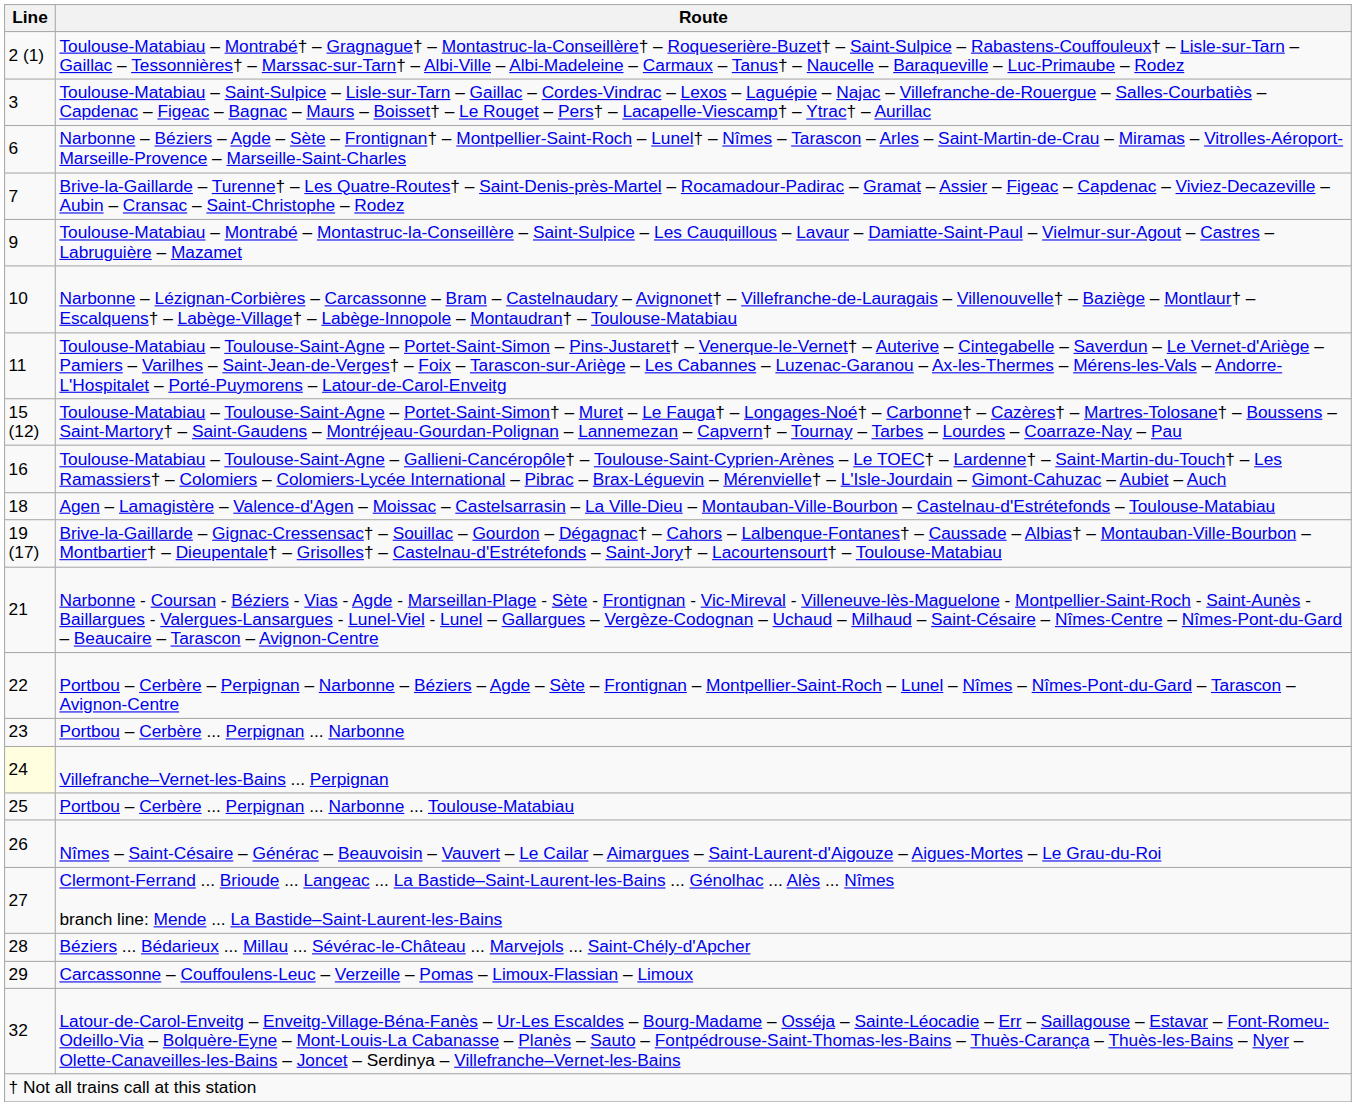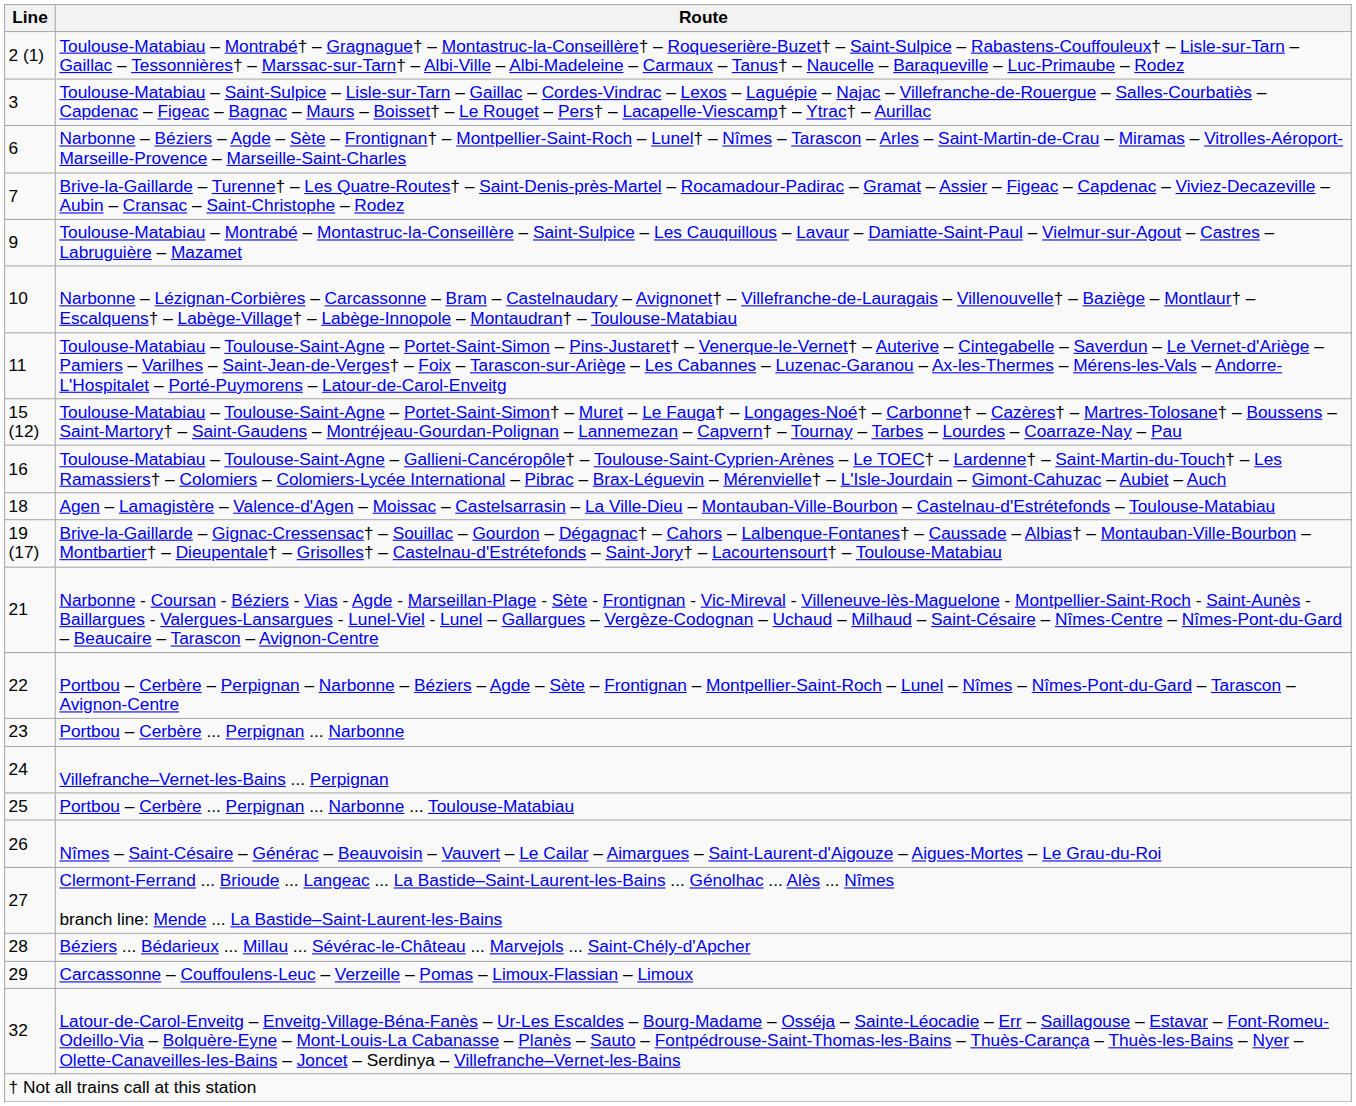 <table class="wikitable vatop">
 <tr>
 <th>Line</th>
 <th>Route</th>
 </tr>
 <tr>
 <td>2 (1)</td>
 <td><a href='#'>Toulouse-Matabiau</a> – <a href='#'>Montrabé</a>† – <a href='#'>Gragnague</a>† – <a href='#'>Montastruc-la-Conseillère</a>† – <a href='#'>Roqueserière-Buzet</a>† – <a href='#'>Saint-Sulpice</a> – <a href='#'>Rabastens-Couffouleux</a>† – <a href='#'>Lisle-sur-Tarn</a> – <a href='#'>Gaillac</a> – <a href='#'>Tessonnières</a>† – <a href='#'>Marssac-sur-Tarn</a>† – <a href='#'>Albi-Ville</a> – <a href='#'>Albi-Madeleine</a> – <a href='#'>Carmaux</a> – <a href='#'>Tanus</a>† – <a href='#'>Naucelle</a> – <a href='#'>Baraqueville</a> – <a href='#'>Luc-Primaube</a> – <a href='#'>Rodez</a></td>
 </tr>
 <tr>
 <td>3</td>
 <td><a href='#'>Toulouse-Matabiau</a> – <a href='#'>Saint-Sulpice</a> – <a href='#'>Lisle-sur-Tarn</a> – <a href='#'>Gaillac</a> – <a href='#'>Cordes-Vindrac</a> – <a href='#'>Lexos</a> – <a href='#'>Laguépie</a> – <a href='#'>Najac</a> – <a href='#'>Villefranche-de-Rouergue</a> – <a href='#'>Salles-Courbatiès</a> – <a href='#'>Capdenac</a> – <a href='#'>Figeac</a> – <a href='#'>Bagnac</a> – <a href='#'>Maurs</a> – <a href='#'>Boisset</a>† – <a href='#'>Le Rouget</a> – <a href='#'>Pers</a>† – <a href='#'>Lacapelle-Viescamp</a>† – <a href='#'>Ytrac</a>† – <a href='#'>Aurillac</a></td>
 </tr>
 <tr>
 <td>6</td>
 <td><a href='#'>Narbonne</a> – <a href='#'>Béziers</a> – <a href='#'>Agde</a> – <a href='#'>Sète</a> – <a href='#'>Frontignan</a>† – <a href='#'>Montpellier-Saint-Roch</a> – <a href='#'>Lunel</a>† – <a href='#'>Nîmes</a> – <a href='#'>Tarascon</a> – <a href='#'>Arles</a> – <a href='#'>Saint-Martin-de-Crau</a> – <a href='#'>Miramas</a> – <a href='#'>Vitrolles-Aéroport-Marseille-Provence</a> – <a href='#'>Marseille-Saint-Charles</a></td>
 </tr>
 <tr>
 <td>7</td>
 <td><a href='#'>Brive-la-Gaillarde</a> – <a href='#'>Turenne</a>† – <a href='#'>Les Quatre-Routes</a>† – <a href='#'>Saint-Denis-près-Martel</a> – <a href='#'>Rocamadour-Padirac</a> – <a href='#'>Gramat</a> – <a href='#'>Assier</a> – <a href='#'>Figeac</a> – <a href='#'>Capdenac</a> – <a href='#'>Viviez-Decazeville</a> – <a href='#'>Aubin</a> – <a href='#'>Cransac</a> – <a href='#'>Saint-Christophe</a> – <a href='#'>Rodez</a></td>
 </tr>
 <tr>
 <td>9</td>
 <td><a href='#'>Toulouse-Matabiau</a> – <a href='#'>Montrabé</a> – <a href='#'>Montastruc-la-Conseillère</a> – <a href='#'>Saint-Sulpice</a> – <a href='#'>Les Cauquillous</a> – <a href='#'>Lavaur</a> – <a href='#'>Damiatte-Saint-Paul</a> – <a href='#'>Vielmur-sur-Agout</a> – <a href='#'>Castres</a> – <a href='#'>Labruguière</a> – <a href='#'>Mazamet</a></td>
 </tr>
 <tr>
 <td>10</td>
 <td><br><a href='#'>Narbonne</a> –  <a href='#'>Lézignan-Corbières</a> –  <a href='#'>Carcassonne</a> –  <a href='#'>Bram</a> –  <a href='#'>Castelnaudary</a> –  <a href='#'>Avignonet</a>† –  <a href='#'>Villefranche-de-Lauragais</a> –  <a href='#'>Villenouvelle</a>† –  <a href='#'>Baziège</a> –  <a href='#'>Montlaur</a>† –  <a href='#'>Escalquens</a>† –  <a href='#'>Labège-Village</a>† –  <a href='#'>Labège-Innopole</a> –  <a href='#'>Montaudran</a>† –  <a href='#'>Toulouse-Matabiau</a></td>
 </tr>
 <tr>
 <td>11</td>
 <td><a href='#'>Toulouse-Matabiau</a> – <a href='#'>Toulouse-Saint-Agne</a> – <a href='#'>Portet-Saint-Simon</a> – <a href='#'>Pins-Justaret</a>† – <a href='#'>Venerque-le-Vernet</a>† – <a href='#'>Auterive</a> – <a href='#'>Cintegabelle</a> – <a href='#'>Saverdun</a> – <a href='#'>Le Vernet-d'Ariège</a> – <a href='#'>Pamiers</a> – <a href='#'>Varilhes</a> – <a href='#'>Saint-Jean-de-Verges</a>† – <a href='#'>Foix</a> – <a href='#'>Tarascon-sur-Ariège</a> – <a href='#'>Les Cabannes</a> – <a href='#'>Luzenac-Garanou</a> – <a href='#'>Ax-les-Thermes</a> – <a href='#'>Mérens-les-Vals</a> – <a href='#'>Andorre-L'Hospitalet</a> – <a href='#'>Porté-Puymorens</a> – <a href='#'>Latour-de-Carol-Enveitg</a></td>
 </tr>
 <tr>
 <td>15 (12)</td>
 <td><a href='#'>Toulouse-Matabiau</a> – <a href='#'>Toulouse-Saint-Agne</a> – <a href='#'>Portet-Saint-Simon</a>† – <a href='#'>Muret</a> – <a href='#'>Le Fauga</a>† – <a href='#'>Longages-Noé</a>† – <a href='#'>Carbonne</a>† – <a href='#'>Cazères</a>† – <a href='#'>Martres-Tolosane</a>† – <a href='#'>Boussens</a> – <a href='#'>Saint-Martory</a>† – <a href='#'>Saint-Gaudens</a> – <a href='#'>Montréjeau-Gourdan-Polignan</a> – <a href='#'>Lannemezan</a> – <a href='#'>Capvern</a>† – <a href='#'>Tournay</a> – <a href='#'>Tarbes</a> – <a href='#'>Lourdes</a> – <a href='#'>Coarraze-Nay</a> – <a href='#'>Pau</a></td>
 </tr>
 <tr>
 <td>16</td>
 <td><a href='#'>Toulouse-Matabiau</a> – <a href='#'>Toulouse-Saint-Agne</a> – <a href='#'>Gallieni-Cancéropôle</a>† – <a href='#'>Toulouse-Saint-Cyprien-Arènes</a> – <a href='#'>Le TOEC</a>† – <a href='#'>Lardenne</a>† – <a href='#'>Saint-Martin-du-Touch</a>† – <a href='#'>Les Ramassiers</a>† – <a href='#'>Colomiers</a> – <a href='#'>Colomiers-Lycée International</a> – <a href='#'>Pibrac</a> – <a href='#'>Brax-Léguevin</a> – <a href='#'>Mérenvielle</a>† – <a href='#'>L'Isle-Jourdain</a> – <a href='#'>Gimont-Cahuzac</a> – <a href='#'>Aubiet</a> – <a href='#'>Auch</a></td>
 </tr>
 <tr>
 <td>18</td>
 <td><a href='#'>Agen</a> – <a href='#'>Lamagistère</a> – <a href='#'>Valence-d'Agen</a> – <a href='#'>Moissac</a> – <a href='#'>Castelsarrasin</a> – <a href='#'>La Ville-Dieu</a> – <a href='#'>Montauban-Ville-Bourbon</a> – <a href='#'>Castelnau-d'Estrétefonds</a> – <a href='#'>Toulouse-Matabiau</a></td>
 </tr>
 <tr>
 <td>19 (17)</td>
 <td><a href='#'>Brive-la-Gaillarde</a> – <a href='#'>Gignac-Cressensac</a>† – <a href='#'>Souillac</a> – <a href='#'>Gourdon</a> – <a href='#'>Dégagnac</a>† – <a href='#'>Cahors</a> – <a href='#'>Lalbenque-Fontanes</a>† – <a href='#'>Caussade</a> – <a href='#'>Albias</a>† – <a href='#'>Montauban-Ville-Bourbon</a> – <a href='#'>Montbartier</a>† – <a href='#'>Dieupentale</a>† – <a href='#'>Grisolles</a>† – <a href='#'>Castelnau-d'Estrétefonds</a> – <a href='#'>Saint-Jory</a>† – <a href='#'>Lacourtensourt</a>† – <a href='#'>Toulouse-Matabiau</a></td>
 </tr>
 <tr>
 <td>21</td>
 <td><br><a href='#'>Narbonne</a> - <a href='#'>Coursan</a> - <a href='#'>Béziers</a> - <a href='#'>Vias</a> - <a href='#'>Agde</a> - <a href='#'>Marseillan-Plage</a> - <a href='#'>Sète</a> - <a href='#'>Frontignan</a> - <a href='#'>Vic-Mireval</a> - <a href='#'>Villeneuve-lès-Maguelone</a> - <a href='#'>Montpellier-Saint-Roch</a> - <a href='#'>Saint-Aunès</a> - <a href='#'>Baillargues</a> - <a href='#'>Valergues-Lansargues</a> - <a href='#'>Lunel-Viel</a> - <a href='#'>Lunel</a> –  <a href='#'>Gallargues</a> –  <a href='#'>Vergèze-Codognan</a> –  <a href='#'>Uchaud</a> –  <a href='#'>Milhaud</a> –  <a href='#'>Saint-Césaire</a> –  <a href='#'>Nîmes-Centre</a> –  <a href='#'>Nîmes-Pont-du-Gard</a> –  <a href='#'>Beaucaire</a> –  <a href='#'>Tarascon</a> –  <a href='#'>Avignon-Centre</a></td>
 </tr>
 <tr>
 <td>22</td>
 <td><br><a href='#'>Portbou</a> –  <a href='#'>Cerbère</a> –  <a href='#'>Perpignan</a> –  <a href='#'>Narbonne</a> –  <a href='#'>Béziers</a> –  <a href='#'>Agde</a> –  <a href='#'>Sète</a> –  <a href='#'>Frontignan</a> –  <a href='#'>Montpellier-Saint-Roch</a> –  <a href='#'>Lunel</a> –  <a href='#'>Nîmes</a> –  <a href='#'>Nîmes-Pont-du-Gard</a> –  <a href='#'>Tarascon</a> –  <a href='#'>Avignon-Centre</a></td>
 </tr>
 <tr>
 <td>23</td>
 <td><a href='#'>Portbou</a> – <a href='#'>Cerbère</a> ... <a href='#'>Perpignan</a> ... <a href='#'>Narbonne</a></td>
 </tr>
 <tr>
-<td style="background: lightyellow;">24</td>
+<td>24</td>
 <td><br><a href='#'>Villefranche–Vernet-les-Bains</a> ... <a href='#'>Perpignan</a></td>
 </tr>
 <tr>
 <td>25</td>
 <td><a href='#'>Portbou</a> – <a href='#'>Cerbère</a> ... <a href='#'>Perpignan</a> ... <a href='#'>Narbonne</a> ... <a href='#'>Toulouse-Matabiau</a></td>
 </tr>
 <tr>
 <td>26</td>
 <td><br><a href='#'>Nîmes</a> –  <a href='#'>Saint-Césaire</a> –  <a href='#'>Générac</a> –  <a href='#'>Beauvoisin</a> –  <a href='#'>Vauvert</a> –  <a href='#'>Le Cailar</a> –  <a href='#'>Aimargues</a> –  <a href='#'>Saint-Laurent-d'Aigouze</a> –  <a href='#'>Aigues-Mortes</a> –  <a href='#'>Le Grau-du-Roi</a></td>
 </tr>
 <tr>
 <td>27</td>
 <td><a href='#'>Clermont-Ferrand</a> ... <a href='#'>Brioude</a> ... <a href='#'>Langeac</a> ... <a href='#'>La Bastide–Saint-Laurent-les-Bains</a> ... <a href='#'>Génolhac</a> ... <a href='#'>Alès</a> ... <a href='#'>Nîmes</a><br><br>branch line: <a href='#'>Mende</a> ... <a href='#'>La Bastide–Saint-Laurent-les-Bains</a></td>
 </tr>
 <tr>
 <td>28</td>
 <td><a href='#'>Béziers</a> ... <a href='#'>Bédarieux</a> ... <a href='#'>Millau</a> ... <a href='#'>Sévérac-le-Château</a> ... <a href='#'>Marvejols</a> ... <a href='#'>Saint-Chély-d'Apcher</a></td>
 </tr>
 <tr>
 <td>29</td>
 <td><a href='#'>Carcassonne</a> – <a href='#'>Couffoulens-Leuc</a> – <a href='#'>Verzeille</a> – <a href='#'>Pomas</a> – <a href='#'>Limoux-Flassian</a> – <a href='#'>Limoux</a></td>
 </tr>
 <tr>
 <td>32</td>
 <td><br><a href='#'>Latour-de-Carol-Enveitg</a> –  <a href='#'>Enveitg-Village-Béna-Fanès</a> –  <a href='#'>Ur-Les Escaldes</a> –  <a href='#'>Bourg-Madame</a> –  <a href='#'>Osséja</a> –  <a href='#'>Sainte-Léocadie</a> –  <a href='#'>Err</a> –  <a href='#'>Saillagouse</a> –  <a href='#'>Estavar</a> –  <a href='#'>Font-Romeu-Odeillo-Via</a> –  <a href='#'>Bolquère-Eyne</a> –  <a href='#'>Mont-Louis-La Cabanasse</a> –  <a href='#'>Planès</a> –  <a href='#'>Sauto</a> –  <a href='#'>Fontpédrouse-Saint-Thomas-les-Bains</a> –  <a href='#'>Thuès-Carança</a> –  <a href='#'>Thuès-les-Bains</a> –  <a href='#'>Nyer</a> –  <a href='#'>Olette-Canaveilles-les-Bains</a> –  <a href='#'>Joncet</a> –  Serdinya –  <a href='#'>Villefranche–Vernet-les-Bains</a> </td>
 </tr>
 <tr>
 <td colspan=2>† Not all trains call at this station</td>
 </tr>
 </table>
